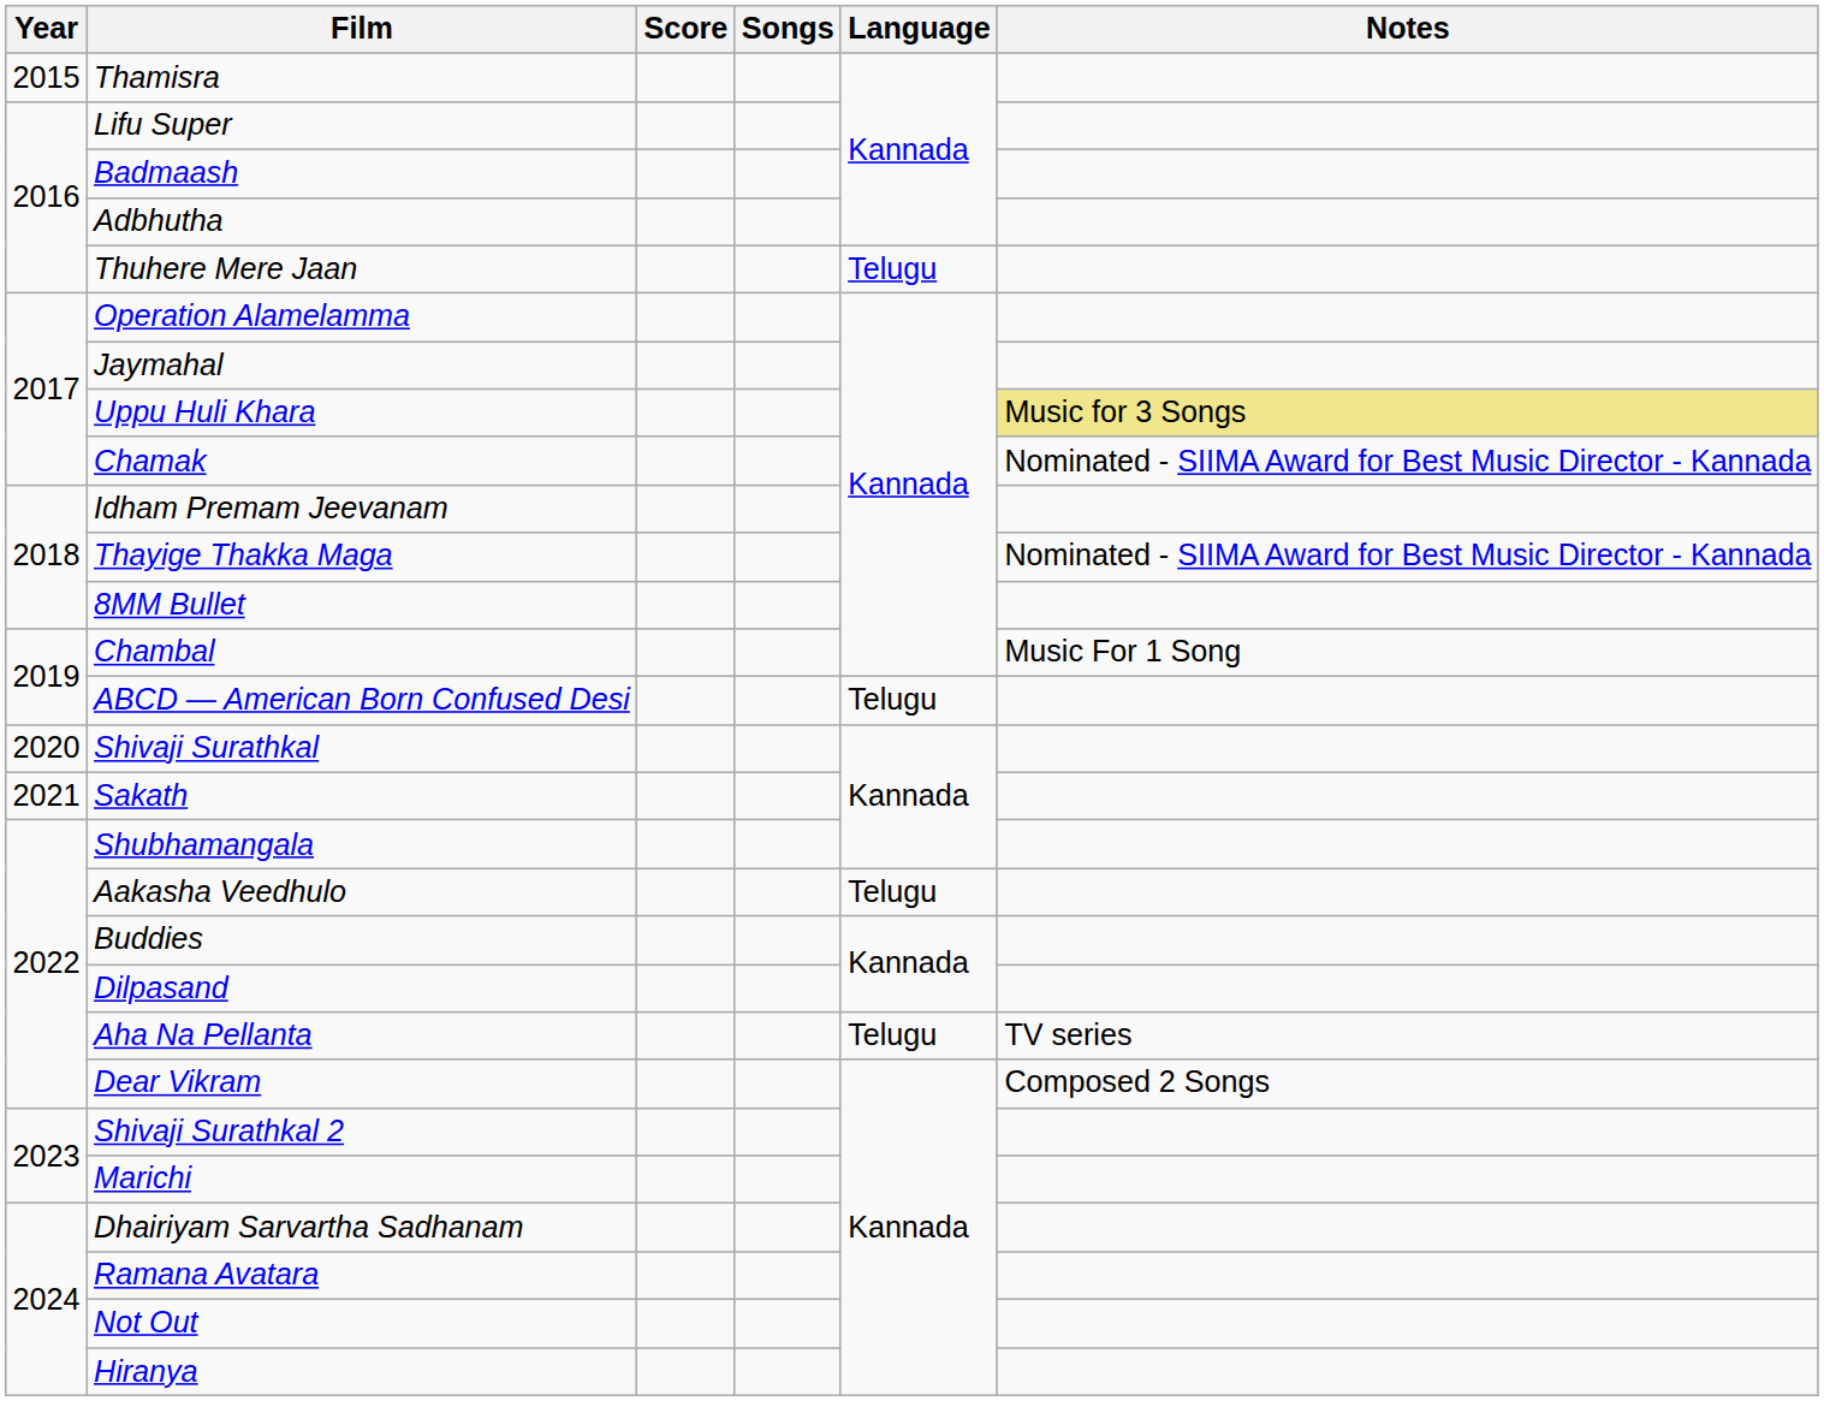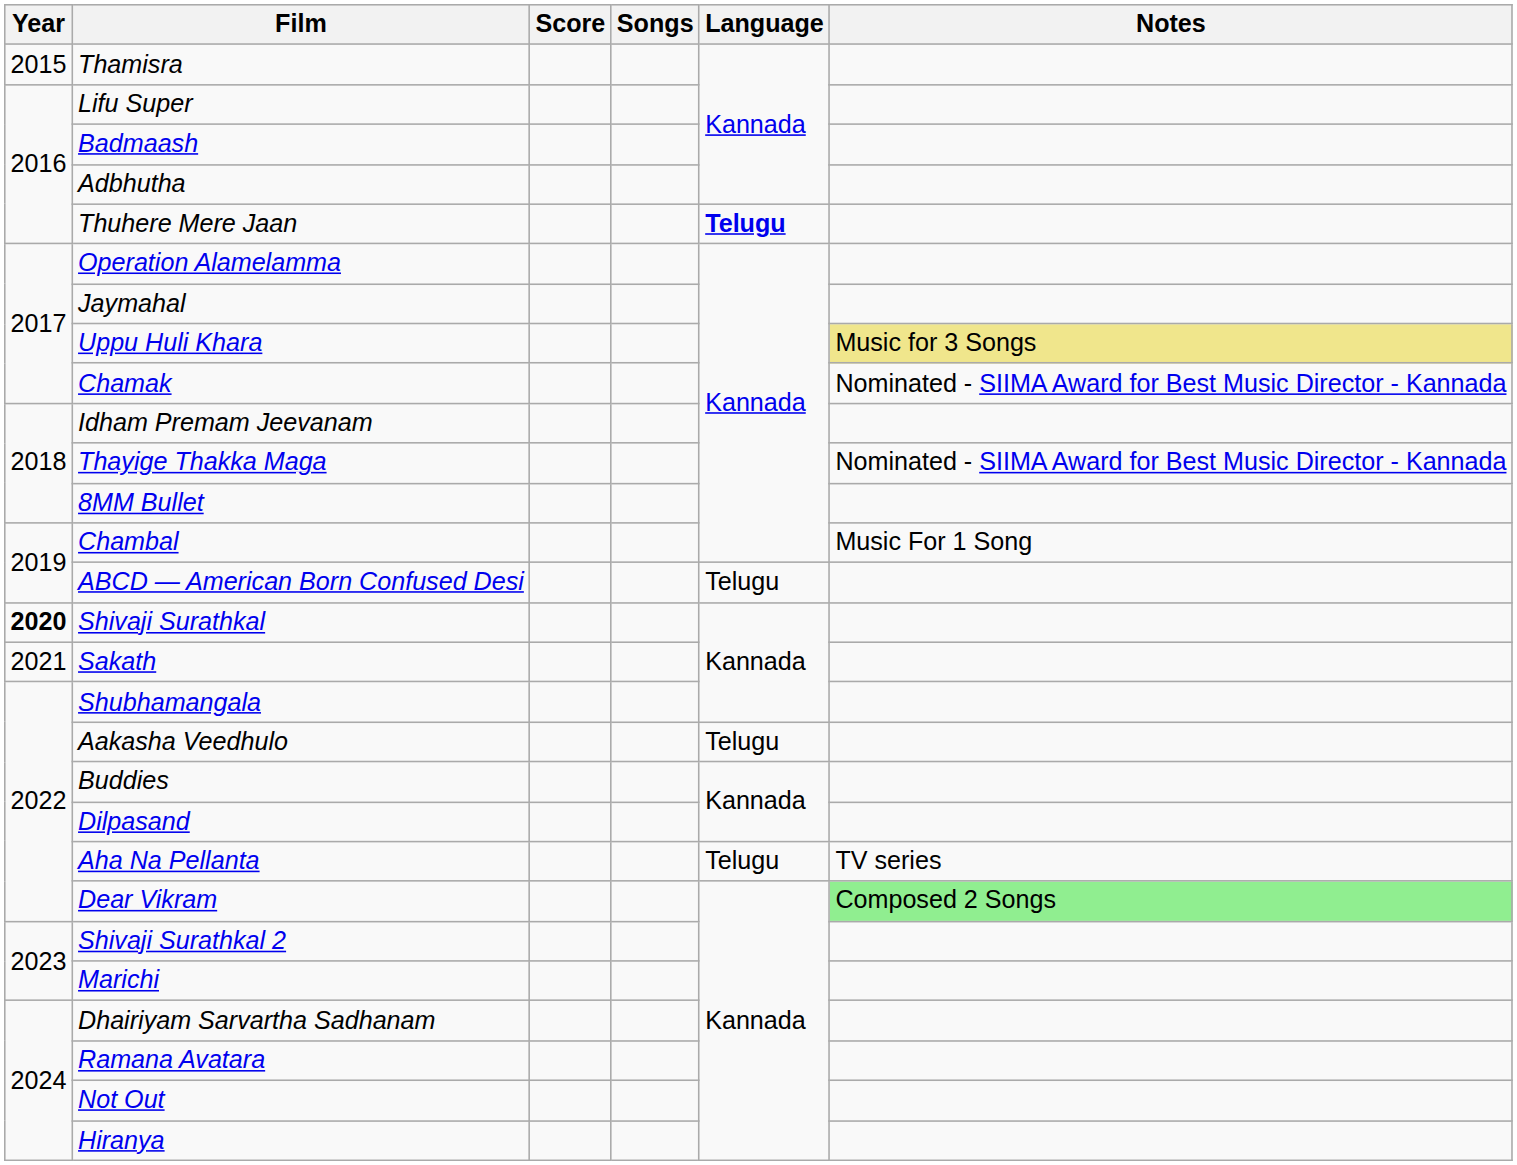 <table class="wikitable sortable">
 <tr>
 <th>Year</th>
 <th>Film</th>
 <th>Score</th>
 <th>Songs</th>
 <th>Language</th>
 <th>Notes</th>
 </tr>
 <tr>
 <td>2015</td>
 <td><em>Thamisra</em></td>
 <td></td>
 <td></td>
 <td rowspan="4"><a href='#'>Kannada</a></td>
 <td></td>
 </tr>
 <tr>
 <td rowspan="4">2016</td>
 <td><em>Lifu Super</em></td>
 <td></td>
 <td></td>
 <td></td>
 </tr>
 <tr>
 <td><em><a href='#'>Badmaash</a></em></td>
 <td></td>
 <td></td>
 <td></td>
 </tr>
 <tr>
 <td><em>Adbhutha</em></td>
 <td></td>
 <td></td>
 <td></td>
 </tr>
 <tr>
 <td><em>Thuhere Mere Jaan</em></td>
 <td></td>
 <td></td>
-<td><a href='#'>Telugu</a></td>
+<td><strong><a href='#'>Telugu</a></strong></td>
 <td></td>
 </tr>
 <tr>
 <td rowspan="4">2017</td>
 <td><em><a href='#'>Operation Alamelamma</a></em></td>
 <td></td>
 <td></td>
 <td rowspan="8"><a href='#'>Kannada</a></td>
 <td></td>
 </tr>
 <tr>
 <td><em>Jaymahal</em></td>
 <td></td>
 <td></td>
 <td></td>
 </tr>
 <tr>
 <td><em><a href='#'>Uppu Huli Khara</a></em></td>
 <td></td>
 <td></td>
 <td style="background: khaki;">Music for 3 Songs</td>
 </tr>
 <tr>
 <td><em><a href='#'>Chamak</a></em></td>
 <td></td>
 <td></td>
 <td>Nominated - <a href='#'>SIIMA Award for Best Music Director - Kannada</a></td>
 </tr>
 <tr>
 <td rowspan="3">2018</td>
 <td><em>Idham Premam Jeevanam</em></td>
 <td></td>
 <td></td>
 <td></td>
 </tr>
 <tr>
 <td><em><a href='#'>Thayige Thakka Maga</a></em></td>
 <td></td>
 <td></td>
 <td>Nominated - <a href='#'>SIIMA Award for Best Music Director - Kannada</a></td>
 </tr>
 <tr>
 <td><em><a href='#'>8MM Bullet</a></em></td>
 <td></td>
 <td></td>
 <td></td>
 </tr>
 <tr>
 <td rowspan="2">2019</td>
 <td><em><a href='#'>Chambal</a></em></td>
 <td></td>
 <td></td>
 <td>Music For 1 Song</td>
 </tr>
 <tr>
 <td><em><a href='#'>ABCD — American Born Confused Desi</a></em></td>
 <td></td>
 <td></td>
 <td>Telugu</td>
 <td></td>
 </tr>
 <tr>
-<td rowspan="1">2020</td>
+<td rowspan="1"><strong>2020</strong></td>
 <td><em><a href='#'>Shivaji Surathkal</a></em></td>
 <td></td>
 <td></td>
 <td rowspan="3">Kannada</td>
 <td></td>
 </tr>
 <tr>
 <td>2021</td>
 <td><em><a href='#'>Sakath</a></em></td>
 <td></td>
 <td></td>
 <td></td>
 </tr>
 <tr>
 <td rowspan="6">2022</td>
 <td><em><a href='#'>Shubhamangala</a></em></td>
 <td></td>
 <td></td>
 <td></td>
 </tr>
 <tr>
 <td><em>Aakasha Veedhulo</em></td>
 <td></td>
 <td></td>
 <td>Telugu</td>
 <td></td>
 </tr>
 <tr>
 <td><em>Buddies</em></td>
 <td></td>
 <td></td>
 <td rowspan="2">Kannada</td>
 <td></td>
 </tr>
 <tr>
 <td><em><a href='#'>Dilpasand</a></em></td>
 <td></td>
 <td></td>
 <td></td>
 </tr>
 <tr>
 <td><em><a href='#'>Aha Na Pellanta</a></em></td>
 <td></td>
 <td></td>
 <td>Telugu</td>
 <td>TV series</td>
 </tr>
 <tr>
 <td><em><a href='#'>Dear Vikram</a></em></td>
 <td></td>
 <td></td>
 <td rowspan="7">Kannada</td>
-<td>Composed 2 Songs</td>
+<td style="background: lightgreen;">Composed 2 Songs</td>
 </tr>
 <tr>
 <td rowspan="2">2023</td>
 <td><em><a href='#'>Shivaji Surathkal 2</a></em></td>
 <td></td>
 <td></td>
 <td></td>
 </tr>
 <tr>
 <td><em><a href='#'>Marichi</a></em></td>
 <td></td>
 <td></td>
 <td></td>
 </tr>
 <tr>
 <td rowspan="4">2024</td>
 <td><em>Dhairiyam Sarvartha Sadhanam</em></td>
 <td></td>
 <td></td>
 <td></td>
 </tr>
 <tr>
 <td><em><a href='#'>Ramana Avatara</a></em></td>
 <td></td>
 <td></td>
 <td></td>
 </tr>
 <tr>
 <td><em><a href='#'>Not Out</a></em></td>
 <td></td>
 <td></td>
 <td></td>
 </tr>
 <tr>
 <td><em><a href='#'>Hiranya</a></em></td>
 <td></td>
 <td></td>
 <td></td>
 </tr>
 </table>
